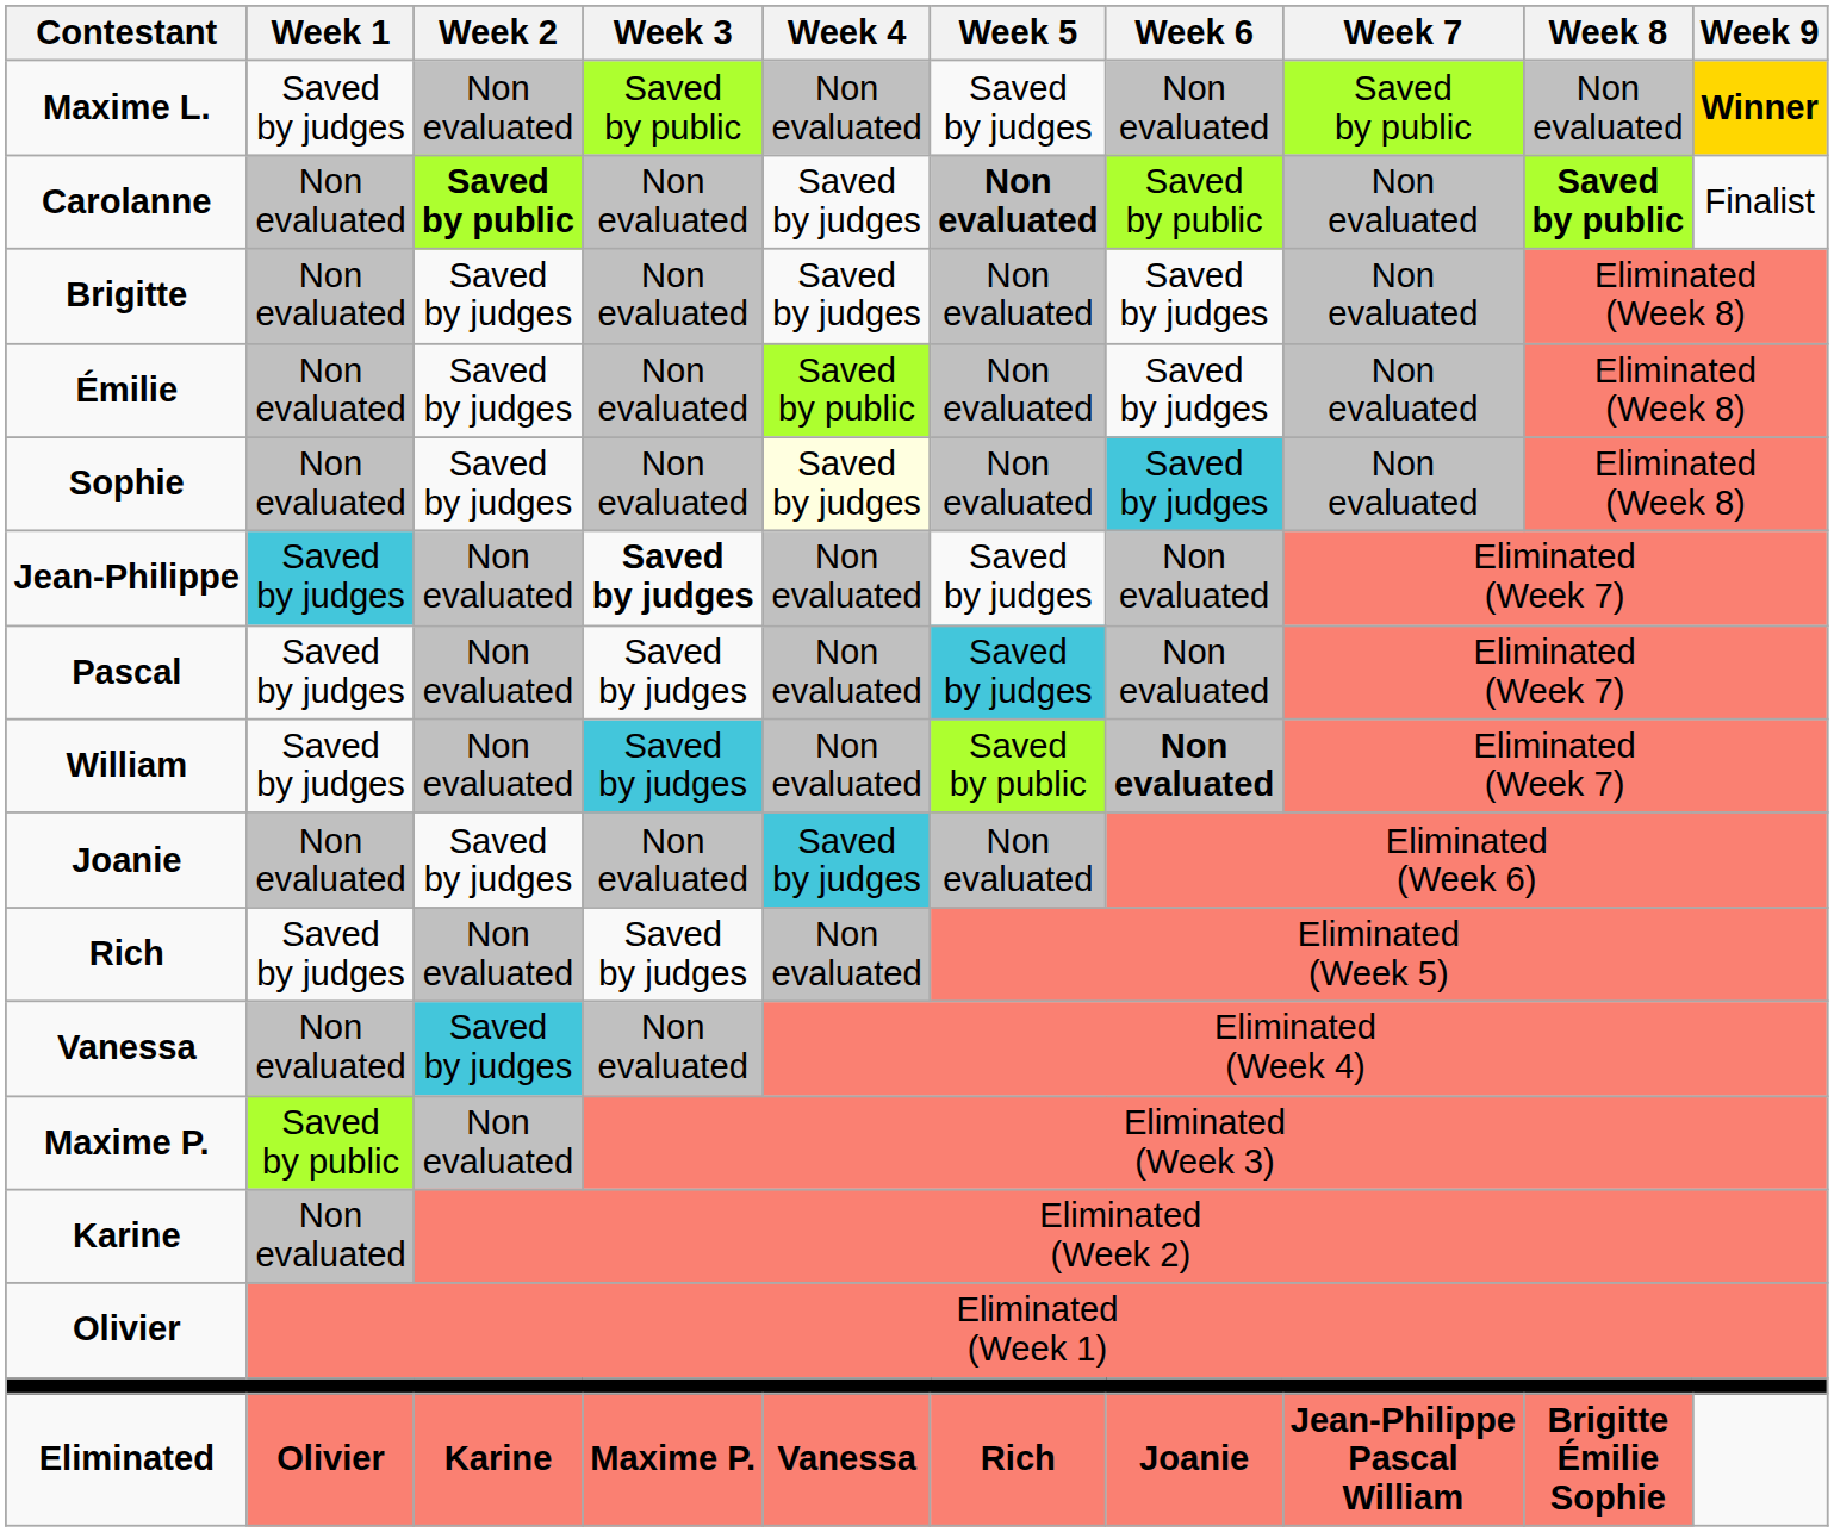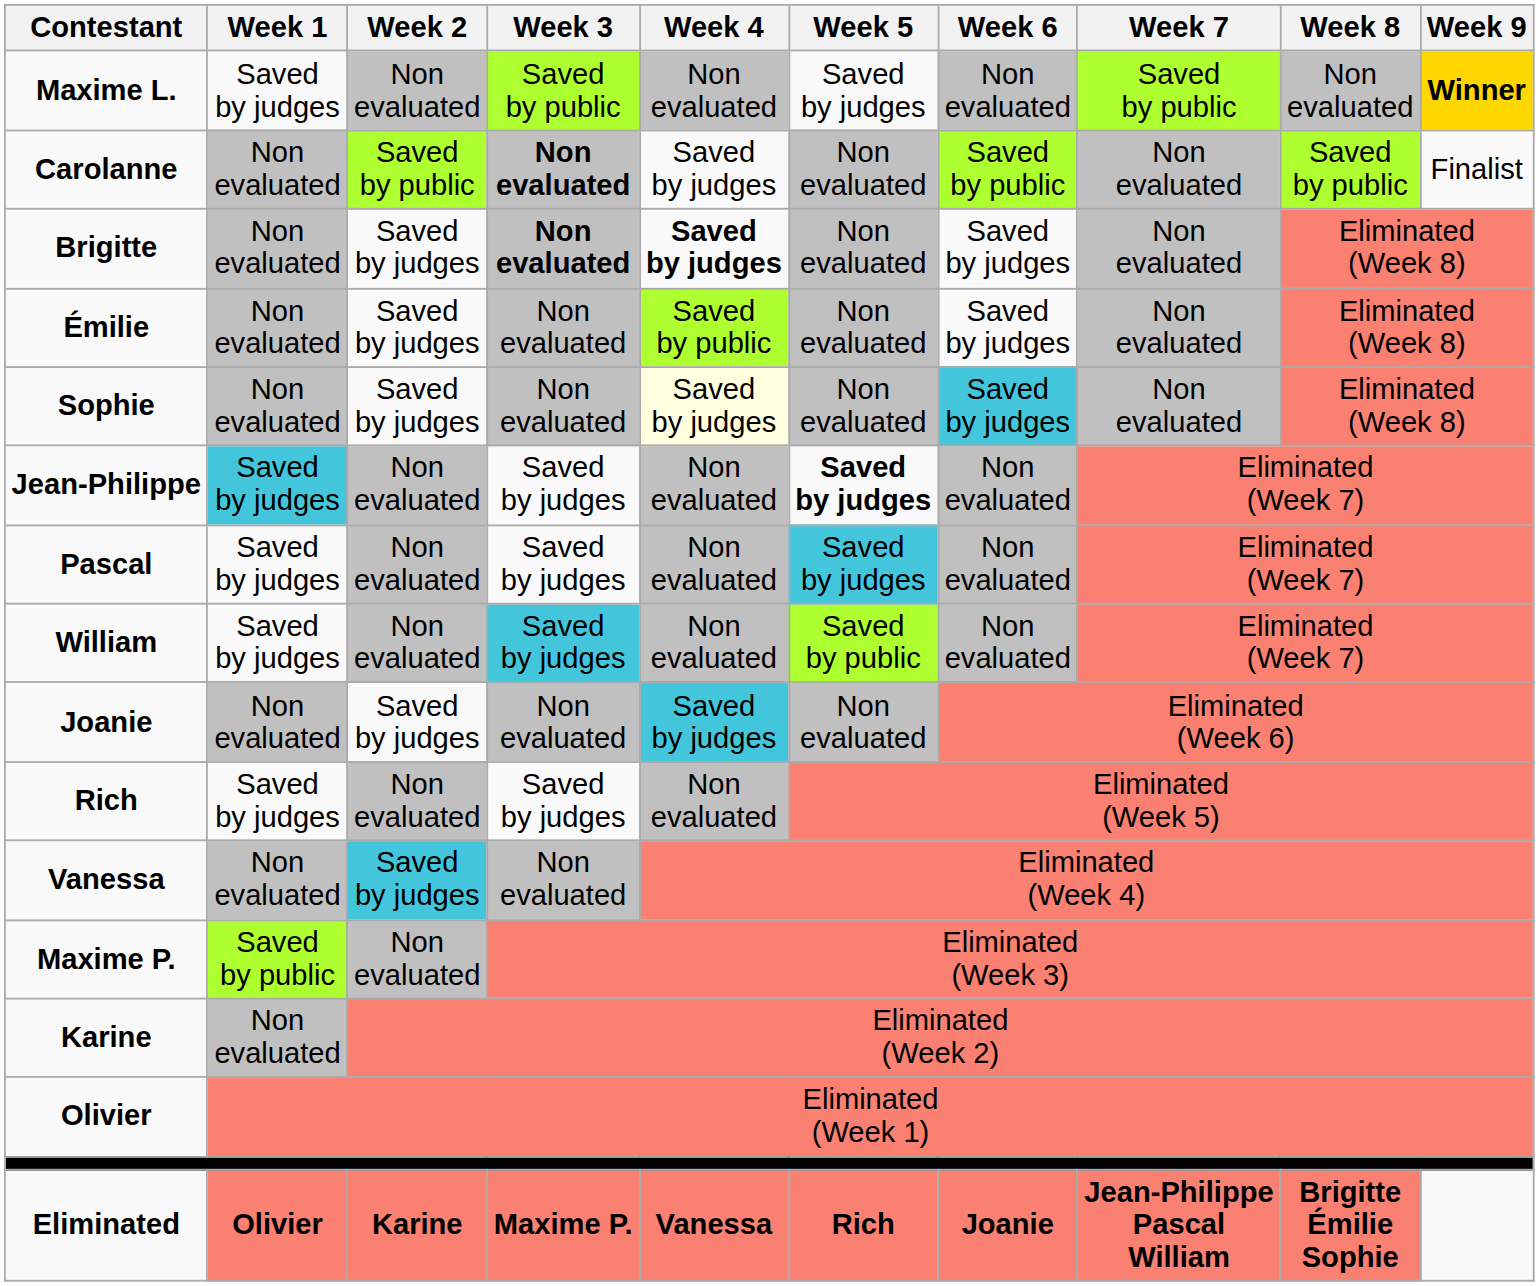 <table class="wikitable" style="text-align:center">
 <tr>
 <th>Contestant</th>
 <th>Week 1</th>
 <th>Week 2</th>
 <th>Week 3</th>
 <th>Week 4</th>
 <th>Week 5</th>
 <th>Week 6</th>
 <th>Week 7</th>
 <th>Week 8</th>
 <th>Week 9</th>
 </tr>
 <tr>
 <td><strong>Maxime L.</strong></td>
 <td>Saved <br>by judges</td>
 <td style="background:#C0C0C0">Non<br>evaluated</td>
 <td style="background:#ADFF2F;">Saved <br>by public</td>
 <td style="background:#C0C0C0">Non<br>evaluated</td>
 <td>Saved <br>by judges</td>
 <td style="background:#C0C0C0">Non<br>evaluated</td>
 <td style="background:#ADFF2F;">Saved <br>by public</td>
 <td style="background:#C0C0C0">Non<br>evaluated</td>
 <td bgcolor="gold"><strong>Winner</strong></td>
 </tr>
 <tr>
 <td><strong>Carolanne</strong></td>
 <td style="background:#C0C0C0">Non<br>evaluated</td>
-<td style="background:#ADFF2F;"><strong>Saved <br>by public</strong></td>
+<td style="background:#ADFF2F;">Saved <br>by public</td>
+<td style="background:#C0C0C0"><strong>Non<br>evaluated</strong></td>
+<td>Saved <br>by judges</td>
 <td style="background:#C0C0C0">Non<br>evaluated</td>
-<td>Saved <br>by judges</td>
-<td style="background:#C0C0C0"><strong>Non<br>evaluated</strong></td>
 <td style="background:#ADFF2F;">Saved <br>by public</td>
 <td style="background:#C0C0C0">Non<br>evaluated</td>
-<td style="background:#ADFF2F;"><strong>Saved <br>by public</strong></td>
+<td style="background:#ADFF2F;">Saved <br>by public</td>
 <td>Finalist</td>
 </tr>
 <tr>
 <td><strong>Brigitte</strong></td>
 <td style="background:#C0C0C0">Non<br>evaluated</td>
 <td>Saved <br>by judges</td>
-<td style="background:#C0C0C0">Non<br>evaluated</td>
-<td>Saved <br>by judges</td>
+<td style="background:#C0C0C0"><strong>Non<br>evaluated</strong></td>
+<td><strong>Saved <br>by judges</strong></td>
 <td style="background:#C0C0C0">Non<br>evaluated</td>
 <td>Saved <br>by judges</td>
 <td style="background:#C0C0C0">Non<br>evaluated</td>
 <td style="background:#FA8072;" colspan="10">Eliminated <br> (Week 8)</td>
 </tr>
 <tr>
 <td><strong>Émilie</strong></td>
 <td style="background:#C0C0C0">Non<br>evaluated</td>
 <td>Saved <br>by judges</td>
 <td style="background:#C0C0C0">Non<br>evaluated</td>
 <td style="background:#ADFF2F;">Saved <br>by public</td>
 <td style="background:#C0C0C0">Non<br>evaluated</td>
 <td>Saved <br>by judges</td>
 <td style="background:#C0C0C0">Non<br>evaluated</td>
 <td style="background:#FA8072;" colspan="10">Eliminated <br> (Week 8)</td>
 </tr>
 <tr>
 <td><strong>Sophie</strong></td>
 <td style="background:#C0C0C0">Non<br>evaluated</td>
 <td>Saved <br>by judges</td>
 <td style="background:#C0C0C0">Non<br>evaluated</td>
 <td style="background: lightyellow;">Saved <br>by judges</td>
 <td style="background:#C0C0C0">Non<br>evaluated</td>
 <td style="background:#43C6DB;">Saved <br>by judges</td>
 <td style="background:#C0C0C0">Non<br>evaluated</td>
 <td style="background:#FA8072;" colspan="10">Eliminated <br> (Week 8)</td>
 </tr>
 <tr>
 <td><strong>Jean-Philippe</strong></td>
 <td style="background:#43C6DB;">Saved <br>by judges</td>
 <td style="background:#C0C0C0">Non<br>evaluated</td>
+<td>Saved <br>by judges</td>
+<td style="background:#C0C0C0">Non<br>evaluated</td>
 <td><strong>Saved <br>by judges</strong></td>
-<td style="background:#C0C0C0">Non<br>evaluated</td>
-<td>Saved <br>by judges</td>
 <td style="background:#C0C0C0">Non<br>evaluated</td>
 <td style="background:#FA8072;" colspan="10">Eliminated <br> (Week 7)</td>
 </tr>
 <tr>
 <td><strong>Pascal</strong></td>
 <td>Saved <br>by judges</td>
 <td style="background:#C0C0C0">Non<br>evaluated</td>
 <td>Saved <br>by judges</td>
 <td style="background:#C0C0C0">Non<br>evaluated</td>
 <td style="background:#43C6DB;">Saved <br>by judges</td>
 <td style="background:#C0C0C0">Non<br>evaluated</td>
 <td style="background:#FA8072;" colspan="10">Eliminated <br> (Week 7)</td>
 </tr>
 <tr>
 <td><strong>William</strong></td>
 <td>Saved <br>by judges</td>
 <td style="background:#C0C0C0">Non<br>evaluated</td>
 <td style="background:#43C6DB;">Saved <br>by judges</td>
 <td style="background:#C0C0C0">Non<br>evaluated</td>
 <td style="background:#ADFF2F;">Saved <br>by public</td>
-<td style="background:#C0C0C0"><strong>Non<br>evaluated</strong></td>
+<td style="background:#C0C0C0">Non<br>evaluated</td>
 <td style="background:#FA8072;" colspan="10">Eliminated <br> (Week 7)</td>
 </tr>
 <tr>
 <td><strong>Joanie</strong></td>
 <td style="background:#C0C0C0">Non<br>evaluated</td>
 <td>Saved <br>by judges</td>
 <td style="background:#C0C0C0">Non<br>evaluated</td>
 <td style="background:#43C6DB;">Saved <br>by judges</td>
 <td style="background:#C0C0C0">Non<br>evaluated</td>
 <td style="background:#FA8072;" colspan="10">Eliminated <br> (Week 6)</td>
 </tr>
 <tr>
 <td><strong>Rich</strong></td>
 <td>Saved <br>by judges</td>
 <td style="background:#C0C0C0">Non<br>evaluated</td>
 <td>Saved <br>by judges</td>
 <td style="background:#C0C0C0">Non<br>evaluated</td>
 <td style="background:#FA8072;" colspan="10">Eliminated <br> (Week 5)</td>
 </tr>
 <tr>
 <td><strong>Vanessa</strong></td>
 <td style="background:#C0C0C0">Non<br>evaluated</td>
 <td style="background:#43C6DB;">Saved <br>by judges</td>
 <td style="background:#C0C0C0">Non<br>evaluated</td>
 <td style="background:#FA8072;" colspan="10">Eliminated <br> (Week 4)</td>
 </tr>
 <tr>
 <td><strong>Maxime P.</strong></td>
 <td style="background:#ADFF2F;">Saved <br>by public</td>
 <td style="background:#C0C0C0">Non<br>evaluated</td>
 <td style="background:#FA8072;" colspan="10">Eliminated <br> (Week 3)</td>
 </tr>
 <tr>
 <td><strong>Karine</strong></td>
 <td style="background:#C0C0C0">Non<br>evaluated</td>
 <td style="background:#FA8072;" colspan="10">Eliminated <br> (Week 2)</td>
 </tr>
 <tr>
 <td><strong>Olivier</strong></td>
 <td style="background:#FA8072;" colspan="10">Eliminated <br> (Week 1)</td>
 </tr>
 <tr>
 <th style="background:#000000;" colspan="14"></th>
 </tr>
 <tr>
 <td><strong>Eliminated</strong></td>
 <td style="background:#FA8072;"><strong>Olivier</strong></td>
 <td style="background:#FA8072;"><strong>Karine</strong></td>
 <td style="background:#FA8072;"><strong>Maxime P.</strong></td>
 <td style="background:#FA8072;"><strong>Vanessa</strong></td>
 <td style="background:#FA8072;"><strong>Rich</strong></td>
 <td style="background:#FA8072;"><strong>Joanie</strong></td>
 <td style="background:#FA8072;"><strong>Jean-Philippe <br> Pascal <br> William</strong></td>
 <td style="background:#FA8072;"><strong>Brigitte <br> Émilie <br> Sophie</strong></td>
 <td></td>
 </tr>
 </table>
